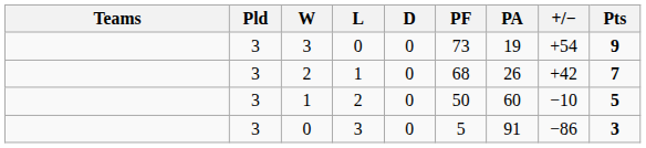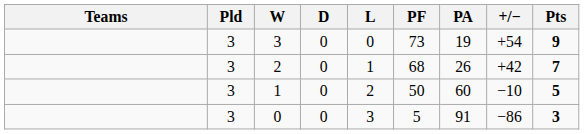 <table class="wikitable" style="text-align: center;">
 <tr>
 <th width="200">Teams</th>
 <th width="40">Pld</th>
 <th width="40">W</th>
+<th width="40">D</th>
 <th width="40">L</th>
-<th width="40">D</th>
 <th width="40">PF</th>
 <th width="40">PA</th>
 <th width="40">+/−</th>
 <th width="40">Pts</th>
 </tr>
 <tr>
 <td align=left></td>
 <td>3</td>
 <td>3</td>
 <td>0</td>
 <td>0</td>
 <td>73</td>
 <td>19</td>
 <td>+54</td>
 <td><strong>9</strong></td>
 </tr>
 <tr>
 <td align=left></td>
 <td>3</td>
 <td>2</td>
+<td>0</td>
 <td>1</td>
-<td>0</td>
 <td>68</td>
 <td>26</td>
 <td>+42</td>
 <td><strong>7</strong></td>
 </tr>
 <tr>
 <td align=left></td>
 <td>3</td>
 <td>1</td>
+<td>0</td>
 <td>2</td>
-<td>0</td>
 <td>50</td>
 <td>60</td>
 <td>−10</td>
 <td><strong>5</strong></td>
 </tr>
 <tr>
 <td align=left></td>
 <td>3</td>
 <td>0</td>
+<td>0</td>
 <td>3</td>
-<td>0</td>
 <td>5</td>
 <td>91</td>
 <td>−86</td>
 <td><strong>3</strong></td>
 </tr>
 </table>
